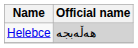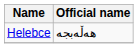 <table class="wikitable">
 <tr>
 <th>Name</th>
 <th>Official name</th>
 </tr>
 <tr>
 <td><a href='#'>Helebce</a></td>
-<td style="background: lightgrey;">ھەڵەبجە</td>
+<td>ھەڵەبجە</td>
 </tr>
 <tr>
 </tr>
 </table>
